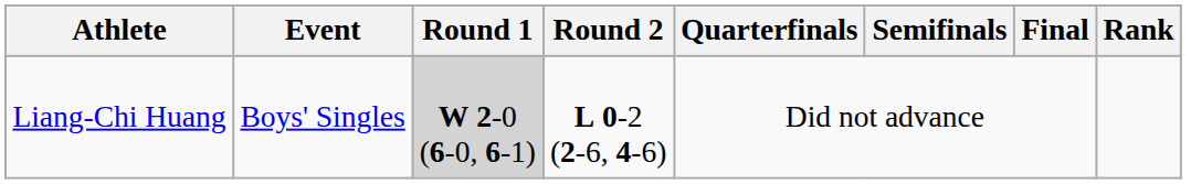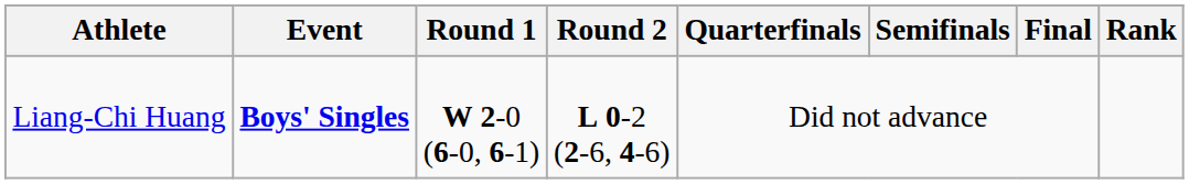 <table class=wikitable style="font-size:90%">
 <tr>
 <th>Athlete</th>
 <th>Event</th>
 <th>Round 1</th>
 <th>Round 2</th>
 <th>Quarterfinals</th>
 <th>Semifinals</th>
 <th>Final</th>
 <th>Rank</th>
 </tr>
 <tr>
 <td><a href='#'>Liang-Chi Huang</a></td>
-<td><a href='#'>Boys' Singles</a></td>
-<td align=center style="background: lightgrey;"><br><strong>W</strong> <strong>2</strong>-0<br> (<strong>6</strong>-0, <strong>6</strong>-1)</td>
+<td><strong><a href='#'>Boys' Singles</a></strong></td>
+<td align=center><br><strong>W</strong> <strong>2</strong>-0<br> (<strong>6</strong>-0, <strong>6</strong>-1)</td>
 <td align=center><br><strong>L</strong> <strong>0</strong>-2<br> (<strong>2</strong>-6, <strong>4</strong>-6)</td>
 <td colspan=3 align=center>Did not advance</td>
 <td align=center></td>
 </tr>
 </table>
